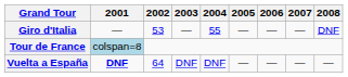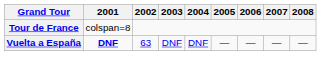 <table class="wikitable plainrowheaders">
 <tr>
 <th scope="col"><a href='#'>Grand Tour</a></th>
 <th scope="col">2001</th>
 <th scope="col">2002</th>
 <th scope="col">2003</th>
 <th scope="col">2004</th>
 <th scope="col">2005</th>
 <th scope="col">2006</th>
 <th scope="col">2007</th>
 <th scope="col">2008</th>
 </tr>
 <tr style="text-align:center;">
-<th scope="row"> <a href='#'>Giro d'Italia</a></th>
-<td>—</td>
-<td><a href='#'>53</a></td>
-<td>—</td>
-<td><a href='#'>55</a></td>
-<td>—</td>
-<td>—</td>
-<td>—</td>
-<td><a href='#'>DNF</a></td>
-</tr>
-<tr style="text-align:center;">
 <th scope="row"> <a href='#'>Tour de France</a></th>
-<td style="background: lightblue;">colspan=8 </td>
+<td>colspan=8 </td>
 </tr>
 <tr style="text-align:center;">
 <th scope="row"> <a href='#'>Vuelta a España</a></th>
 <td><strong><a href='#'>DNF</a></strong></td>
-<td><a href='#'>64</a></td>
+<td><a href='#'>63</a></td>
 <td><a href='#'>DNF</a></td>
 <td><a href='#'>DNF</a></td>
 <td>—</td>
 <td>—</td>
 <td>—</td>
 <td>—</td>
 </tr>
 </table>
